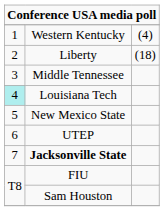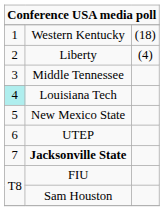 <table class="wikitable" style="display: inline-table;">
 <tr>
 <td align="center" Colspan="3"><strong>Conference USA media poll</strong></td>
 </tr>
 <tr align="center">
 </tr>
 <tr align="center">
 <td>1</td>
 <td>Western Kentucky</td>
-<td>(4)</td>
+<td>(18)</td>
 </tr>
 <tr align="center">
 <td>2</td>
 <td>Liberty</td>
-<td>(18)</td>
+<td>(4)</td>
 </tr>
 <tr align="center">
 <td>3</td>
 <td>Middle Tennessee</td>
 <td></td>
 </tr>
 <tr align="center">
 <td style="background: paleturquoise;">4</td>
 <td>Louisiana Tech</td>
 <td></td>
 </tr>
 <tr align="center">
 <td>5</td>
 <td>New Mexico State</td>
 <td></td>
 </tr>
 <tr align="center">
 <td>6</td>
 <td>UTEP</td>
 <td></td>
 </tr>
 <tr align="center">
 <td>7</td>
 <td><strong>Jacksonville State</strong></td>
 <td></td>
 </tr>
 <tr align="center">
 <td rowspan=2>T8</td>
 <td>FIU</td>
 <td></td>
 </tr>
 <tr align="center">
 <td>Sam Houston</td>
 <td></td>
 </tr>
 <tr>
 </tr>
 </table>
